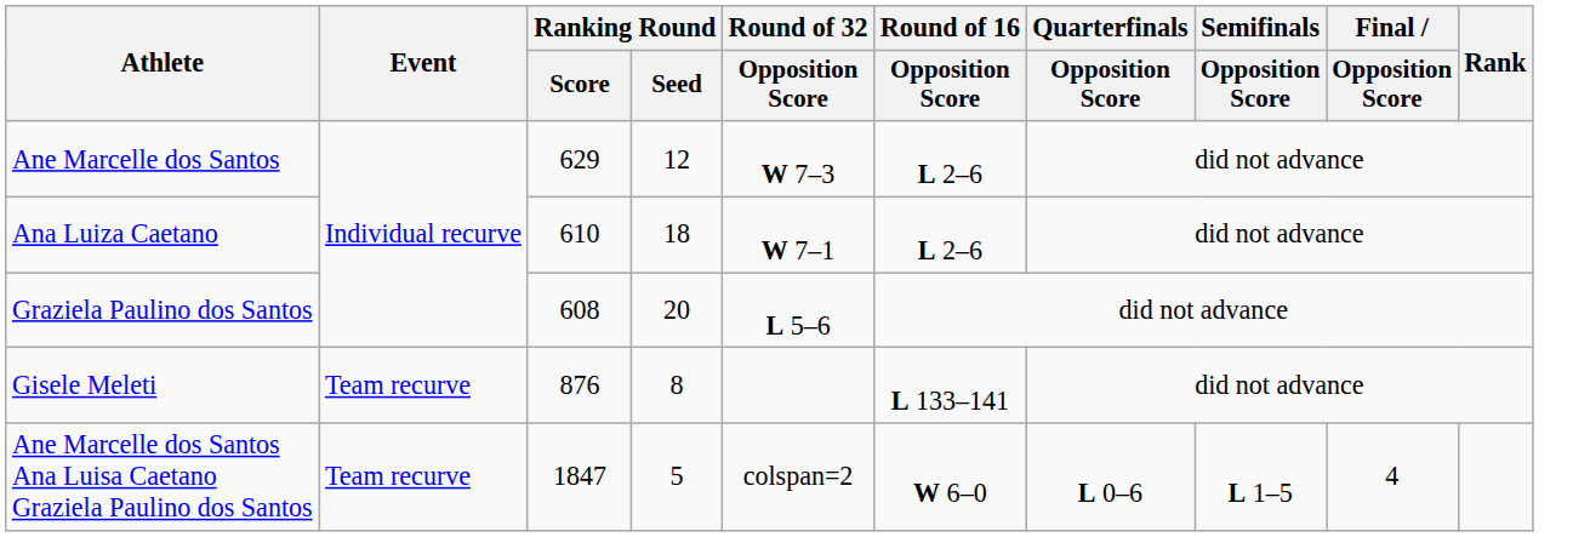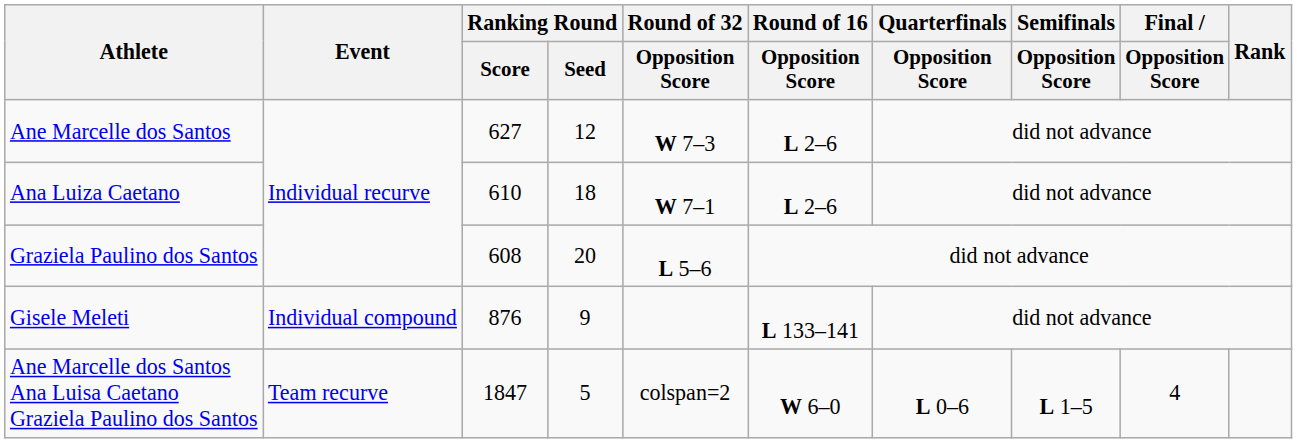 <table class="wikitable" style="font-size:90%">
 <tr>
 <th rowspan="2">Athlete</th>
 <th rowspan="2">Event</th>
 <th colspan="2">Ranking Round</th>
 <th>Round of 32</th>
 <th>Round of 16</th>
 <th>Quarterfinals</th>
 <th>Semifinals</th>
 <th>Final / </th>
 <th rowspan="2">Rank</th>
 </tr>
 <tr style="font-size:95%">
 <th>Score</th>
 <th>Seed</th>
 <th>Opposition<br>Score</th>
 <th>Opposition<br>Score</th>
 <th>Opposition<br>Score</th>
 <th>Opposition<br>Score</th>
 <th>Opposition<br>Score</th>
 </tr>
 <tr align=center>
 <td align=left><a href='#'>Ane Marcelle dos Santos</a></td>
 <td align=left rowspan=3><a href='#'>Individual recurve</a></td>
-<td>629</td>
+<td>627</td>
 <td>12</td>
 <td><br><strong>W</strong> 7–3</td>
 <td><br><strong>L</strong> 2–6</td>
 <td colspan=4>did not advance</td>
 </tr>
 <tr align=center>
 <td align=left><a href='#'>Ana Luiza Caetano</a></td>
 <td>610</td>
 <td>18</td>
 <td><br><strong>W</strong> 7–1</td>
 <td><br><strong>L</strong> 2–6</td>
 <td colspan=4>did not advance</td>
 </tr>
 <tr align=center>
 <td align=left><a href='#'>Graziela Paulino dos Santos</a></td>
 <td>608</td>
 <td>20</td>
 <td><br><strong>L</strong> 5–6</td>
 <td colspan=5>did not advance</td>
 </tr>
 <tr align=center>
 <td align=left><a href='#'>Gisele Meleti</a></td>
-<td align=left><a href='#'>Team recurve</a></td>
+<td align=left><a href='#'>Individual compound</a></td>
 <td>876</td>
-<td>8</td>
+<td>9</td>
 <td></td>
 <td><br><strong>L</strong> 133–141</td>
 <td colspan=4>did not advance</td>
 </tr>
 <tr align=center>
 <td align=left><a href='#'>Ane Marcelle dos Santos</a><br><a href='#'>Ana Luisa Caetano</a><br><a href='#'>Graziela Paulino dos Santos</a></td>
 <td align=left><a href='#'>Team recurve</a></td>
 <td>1847</td>
 <td>5</td>
 <td>colspan=2 </td>
 <td><br><strong>W</strong> 6–0</td>
 <td><br><strong>L</strong> 0–6</td>
 <td><br><strong>L</strong> 1–5</td>
 <td>4</td>
 </tr>
 </table>
